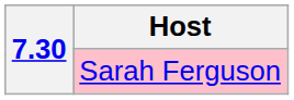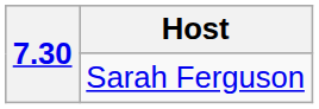 <table class="wikitable">
 <tr>
 <th rowspan="2"><a href='#'>7.30</a></th>
 <th>Host</th>
 </tr>
 <tr style="text-align:center">
-<td style="background: pink;"><a href='#'>Sarah Ferguson</a></td>
+<td><a href='#'>Sarah Ferguson</a></td>
 </tr>
 </table>
